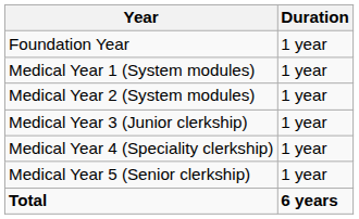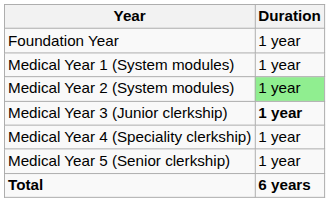 <table class="wikitable">
 <tr>
 <th>Year</th>
 <th>Duration</th>
 </tr>
 <tr>
 <td>Foundation Year</td>
 <td>1 year</td>
 </tr>
 <tr>
 <td>Medical Year 1 (System modules)</td>
 <td>1 year</td>
 </tr>
 <tr>
 <td>Medical Year 2 (System modules)</td>
-<td>1 year</td>
+<td style="background: lightgreen;">1 year</td>
 </tr>
 <tr>
 <td>Medical Year 3 (Junior clerkship)</td>
-<td>1 year</td>
+<td><strong>1 year</strong></td>
 </tr>
 <tr>
 <td>Medical Year 4 (Speciality clerkship)</td>
 <td>1 year</td>
 </tr>
 <tr>
 <td>Medical Year 5 (Senior clerkship)</td>
 <td>1 year</td>
 </tr>
 <tr>
 <td><strong>Total</strong></td>
 <td><strong>6 years</strong></td>
 </tr>
 </table>
